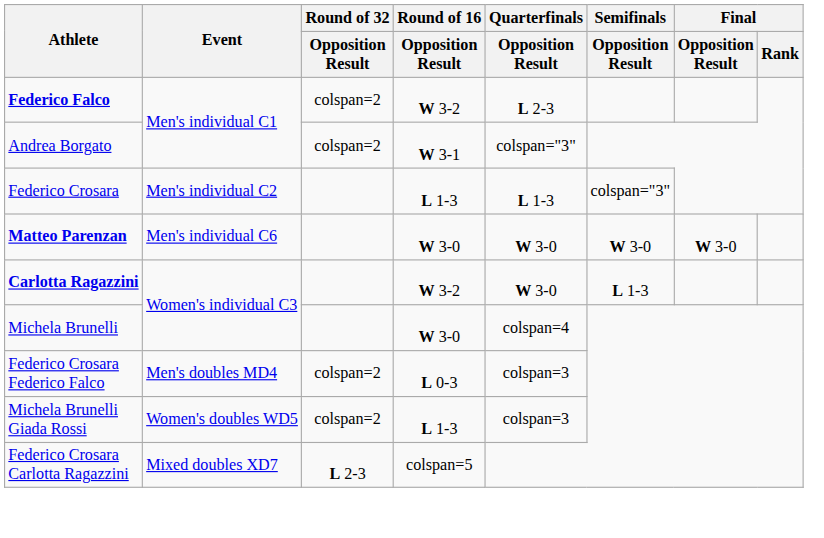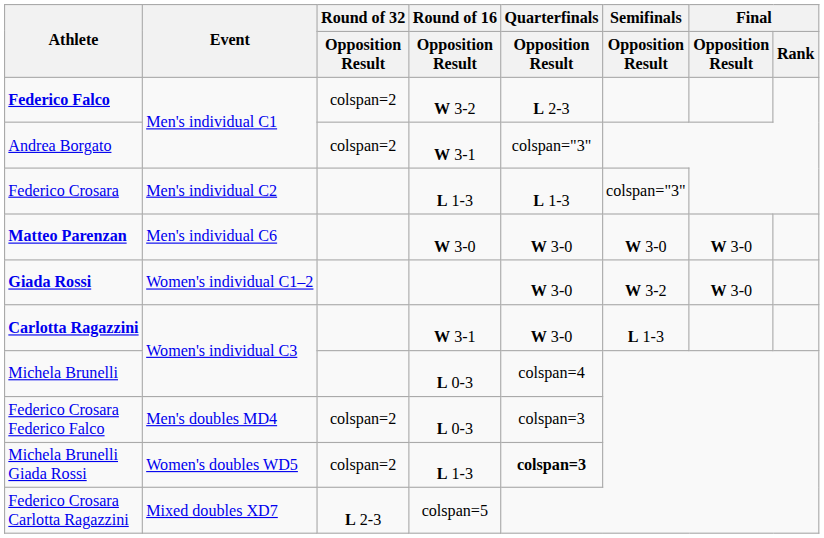 <table class=wikitable style="font-size:90%">
 <tr align=center>
 <th rowspan="2">Athlete</th>
 <th rowspan="2">Event</th>
 <th>Round of 32</th>
 <th>Round of 16</th>
 <th>Quarterfinals</th>
 <th>Semifinals</th>
 <th colspan="2">Final</th>
 </tr>
 <tr>
 <th>Opposition<br>Result</th>
 <th>Opposition<br>Result</th>
 <th>Opposition<br>Result</th>
 <th>Opposition<br>Result</th>
 <th>Opposition<br>Result</th>
 <th>Rank</th>
 </tr>
 <tr align=center>
 <td align=left><strong><a href='#'>Federico Falco</a></strong></td>
 <td align=left rowspan=2><a href='#'>Men's individual C1</a></td>
 <td>colspan=2 </td>
 <td><br><strong>W</strong> 3-2</td>
 <td><br><strong>L</strong> 2-3</td>
 <td></td>
 <td></td>
 </tr>
 <tr align=center>
 <td align=left><a href='#'>Andrea Borgato</a></td>
 <td>colspan=2 </td>
 <td><br><strong>W</strong> 3-1</td>
 <td>colspan="3" </td>
 </tr>
 <tr align=center>
 <td align=left><a href='#'>Federico Crosara</a></td>
 <td align=left><a href='#'>Men's individual C2</a></td>
 <td></td>
 <td><br><strong>L</strong> 1-3</td>
 <td><br><strong>L</strong> 1-3</td>
 <td>colspan="3" </td>
 </tr>
 <tr align=center>
 <td align=left><strong><a href='#'>Matteo Parenzan</a></strong></td>
 <td align=left><a href='#'>Men's individual C6</a></td>
 <td></td>
 <td><br><strong>W</strong> 3-0</td>
 <td><br><strong>W</strong> 3-0</td>
 <td><br><strong>W</strong> 3-0</td>
 <td><br><strong>W</strong> 3-0</td>
 <td></td>
 </tr>
 <tr align=center>
+<td align=left><strong><a href='#'>Giada Rossi</a></strong></td>
+<td align=left><a href='#'>Women's individual C1–2</a></td>
+<td></td>
+<td></td>
+<td><br><strong>W</strong> 3-0</td>
+<td><br><strong>W</strong> 3-2</td>
+<td><br><strong>W</strong> 3-0</td>
+<td></td>
+</tr>
+<tr align=center>
 <td align=left><strong><a href='#'>Carlotta Ragazzini</a></strong></td>
 <td align=left rowspan=2><a href='#'>Women's individual C3</a></td>
 <td></td>
-<td><br><strong>W</strong> 3-2</td>
+<td><br><strong>W</strong> 3-1</td>
 <td><br><strong>W</strong> 3-0</td>
 <td><br><strong>L</strong> 1-3</td>
 <td></td>
 <td></td>
 </tr>
 <tr align=center>
 <td align=left><a href='#'>Michela Brunelli</a></td>
 <td></td>
-<td><br><strong>W</strong> 3-0</td>
+<td><br><strong>L</strong> 0-3</td>
 <td>colspan=4 </td>
 </tr>
 <tr align=center>
 <td align=left><a href='#'>Federico Crosara</a><br><a href='#'>Federico Falco</a></td>
 <td align=left><a href='#'>Men's doubles MD4</a></td>
 <td>colspan=2 </td>
 <td><br><strong>L</strong> 0-3</td>
 <td>colspan=3 </td>
 </tr>
 <tr align=center>
 <td align=left><a href='#'>Michela Brunelli</a><br><a href='#'>Giada Rossi</a></td>
 <td align=left><a href='#'>Women's doubles WD5</a></td>
 <td>colspan=2 </td>
 <td><br> <strong>L</strong> 1-3</td>
-<td>colspan=3 </td>
+<td><strong>colspan=3 </strong></td>
 </tr>
 <tr align=center>
 <td align=left><a href='#'>Federico Crosara</a><br><a href='#'>Carlotta Ragazzini</a></td>
 <td align=left><a href='#'>Mixed doubles XD7</a></td>
 <td><br><strong>L</strong> 2-3</td>
 <td>colspan=5 </td>
 </tr>
 </table>
